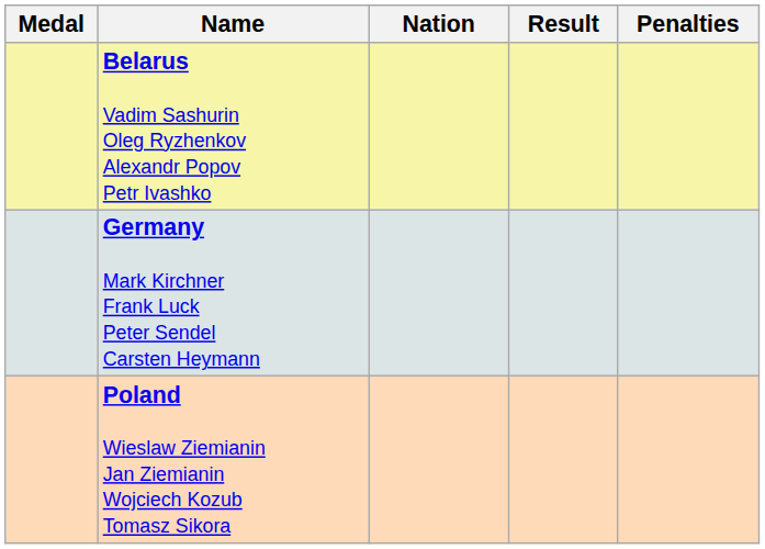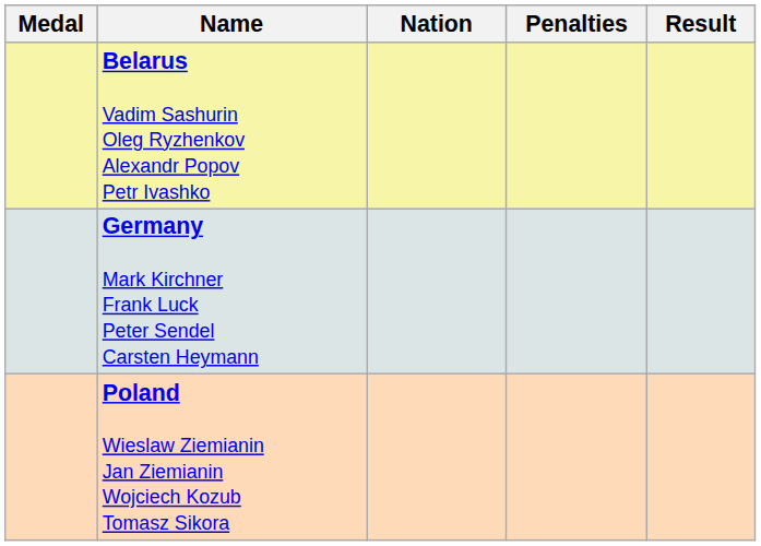 <table class=wikitable style="border:1px solid #AAAAAA;font-size:90%">
 <tr bgcolor="#E4E4E4">
 <th style="border-bottom:1px solid #AAAAAA" width=50>Medal</th>
 <th style="border-bottom:1px solid #AAAAAA" width=160>Name</th>
 <th style="border-bottom:1px solid #AAAAAA" width=80>Nation</th>
+<th style="border-bottom:1px solid #AAAAAA" width=80>Penalties</th>
 <th style="border-bottom:1px solid #AAAAAA" width=60>Result</th>
-<th style="border-bottom:1px solid #AAAAAA" width=80>Penalties</th>
 </tr>
 <tr bgcolor="#F7F6A8">
 <td align="center"></td>
 <td><strong><a href='#'>Belarus</a></strong><br><br><small><a href='#'>Vadim Sashurin</a><br><a href='#'>Oleg Ryzhenkov</a><br><a href='#'>Alexandr Popov</a><br><a href='#'>Petr Ivashko</a></small></td>
 <td></td>
 <td align="center"></td>
 <td align="center"></td>
 </tr>
 <tr bgcolor="#DCE5E5">
 <td align="center"></td>
 <td><strong><a href='#'>Germany</a></strong><br><br><small><a href='#'>Mark Kirchner</a><br><a href='#'>Frank Luck</a><br><a href='#'>Peter Sendel</a><br><a href='#'>Carsten Heymann</a></small></td>
 <td></td>
+<td align="center"></td>
 <td align="right"></td>
-<td align="center"></td>
 </tr>
 <tr bgcolor="#FFDAB9">
 <td align="center"></td>
 <td><strong><a href='#'>Poland</a></strong><br><br><small><a href='#'>Wieslaw Ziemianin</a><br><a href='#'>Jan Ziemianin</a><br><a href='#'>Wojciech Kozub</a><br><a href='#'>Tomasz Sikora</a></small></td>
 <td></td>
+<td align="center"></td>
 <td align="right"></td>
-<td align="center"></td>
 </tr>
 </table>
